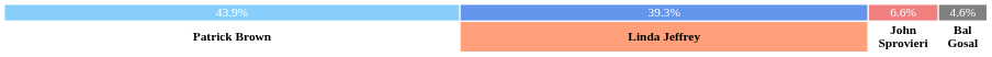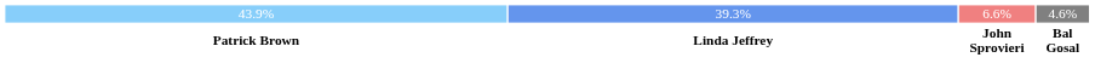 <table style="width:100%; text-align:center;">
 <tr style="color:white;">
 <td style="background: lightskyblue; width:43.9%;">43.9%</td>
 <td style="background:cornflowerblue; width:39.3%;">39.3%</td>
 <td style="background:lightcoral; width:6.6%;">6.6%</td>
 <td style="background:gray; width:4.6%;">4.6%</td>
 </tr>
 <tr>
 <td><span><strong>Patrick Brown</strong></span></td>
-<td style="background: lightsalmon;"><span><strong>Linda Jeffrey</strong></span></td>
+<td><span><strong>Linda Jeffrey</strong></span></td>
 <td><span><strong>John Sprovieri</strong></span></td>
 <td><span><strong>Bal Gosal</strong></span></td>
 </tr>
 </table>
